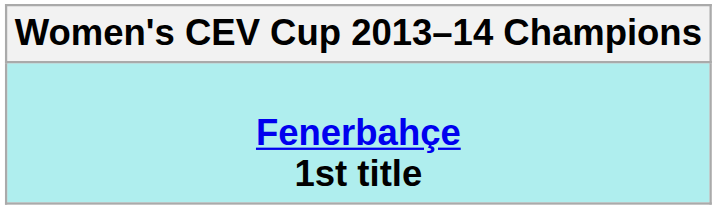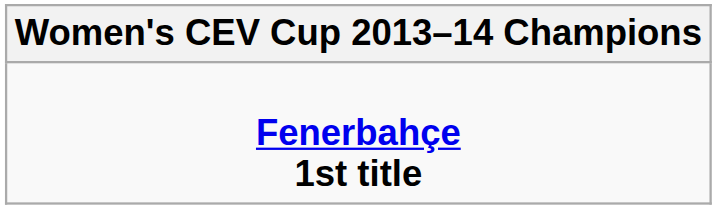 <table class=wikitable style="text-align:center; margin:auto">
 <tr>
 <th>Women's CEV Cup 2013–14 Champions</th>
 </tr>
 <tr>
-<td style="background: paleturquoise;"> <br><strong><a href='#'>Fenerbahçe</a></strong><br><strong>1st title</strong></td>
+<td> <br><strong><a href='#'>Fenerbahçe</a></strong><br><strong>1st title</strong></td>
 </tr>
 </table>
